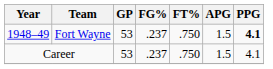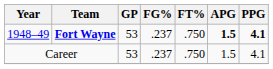 <table class="wikitable sortable" style="font-size:95%; text-align:right;">
 <tr>
 <th>Year</th>
 <th>Team</th>
 <th>GP</th>
 <th>FG%</th>
 <th>FT%</th>
 <th>APG</th>
 <th>PPG</th>
 </tr>
 <tr>
 <td style="text-align:left;"><a href='#'>1948–49</a></td>
-<td style="text-align:left;"><a href='#'>Fort Wayne</a></td>
+<td style="text-align:left;"><strong><a href='#'>Fort Wayne</a></strong></td>
 <td>53</td>
 <td>.237</td>
 <td>.750</td>
-<td>1.5</td>
+<td><strong>1.5</strong></td>
 <td><strong>4.1</strong></td>
 </tr>
 <tr>
 <td style="text-align:center;" colspan="2">Career</td>
 <td>53</td>
 <td>.237</td>
 <td>.750</td>
 <td>1.5</td>
 <td>4.1</td>
 </tr>
 <tr>
 </tr>
 </table>
